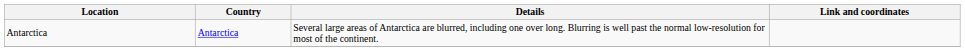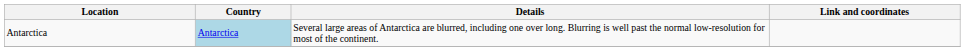 <table class="wikitable">
 <tr>
 <th style="width:20%;">Location</th>
 <th style="width:10%;">Country</th>
 <th style="width:50%;">Details</th>
 <th style="width:20%;">Link and coordinates</th>
 </tr>
 <tr>
 <td>Antarctica</td>
-<td><a href='#'>Antarctica</a></td>
+<td style="background: lightblue;"><a href='#'>Antarctica</a></td>
 <td>Several large areas of Antarctica are blurred, including one over  long. Blurring is well past the normal low-resolution for most of the continent.</td>
 <td> </td>
 </tr>
 <tr>
 </tr>
 </table>
